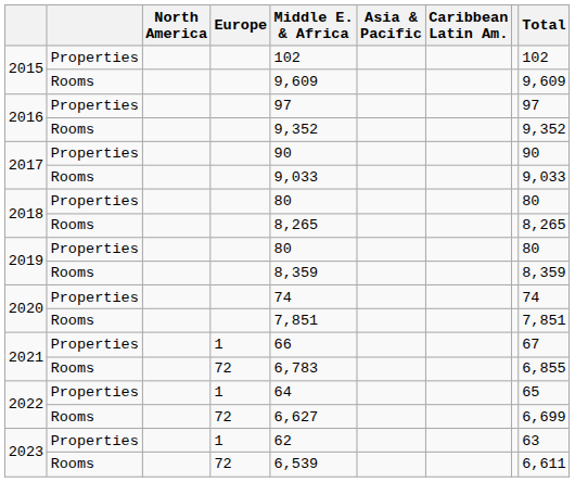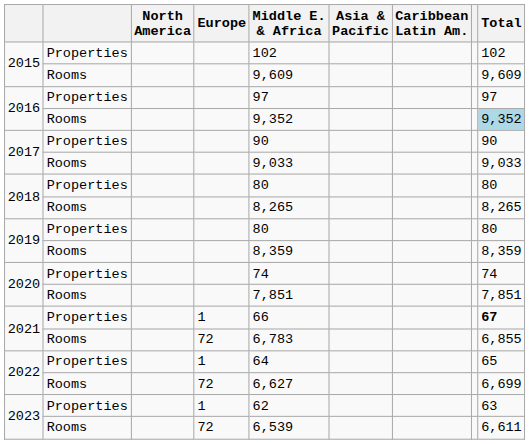 <table class="wikitable">
 <tr>
 <th class="unsortable"></th>
 <th></th>
 <th>North<br>America</th>
 <th>Europe</th>
 <th>Middle E.<br>& Africa</th>
 <th>Asia &<br>Pacific</th>
 <th>Caribbean<br>Latin Am.</th>
 <th></th>
 <th>Total</th>
 </tr>
 <tr>
 <td rowspan=2>2015</td>
 <td>Properties</td>
 <td></td>
 <td></td>
 <td>102</td>
 <td></td>
 <td></td>
 <td></td>
 <td>102</td>
 </tr>
 <tr>
 <td>Rooms</td>
 <td></td>
 <td></td>
 <td>9,609</td>
 <td></td>
 <td></td>
 <td></td>
 <td>9,609</td>
 </tr>
 <tr>
 <td rowspan=2>2016</td>
 <td>Properties</td>
 <td></td>
 <td></td>
 <td>97</td>
 <td></td>
 <td></td>
 <td></td>
 <td>97</td>
 </tr>
 <tr>
 <td>Rooms</td>
 <td></td>
 <td></td>
 <td>9,352</td>
 <td></td>
 <td></td>
 <td></td>
-<td>9,352</td>
+<td style="background: lightblue;">9,352</td>
 </tr>
 <tr>
 <td rowspan=2>2017</td>
 <td>Properties</td>
 <td></td>
 <td></td>
 <td>90</td>
 <td></td>
 <td></td>
 <td></td>
 <td>90</td>
 </tr>
 <tr>
 <td>Rooms</td>
 <td></td>
 <td></td>
 <td>9,033</td>
 <td></td>
 <td></td>
 <td></td>
 <td>9,033</td>
 </tr>
 <tr>
 <td rowspan=2>2018</td>
 <td>Properties</td>
 <td></td>
 <td></td>
 <td>80</td>
 <td></td>
 <td></td>
 <td></td>
 <td>80</td>
 </tr>
 <tr>
 <td>Rooms</td>
 <td></td>
 <td></td>
 <td>8,265</td>
 <td></td>
 <td></td>
 <td></td>
 <td>8,265</td>
 </tr>
 <tr>
 <td rowspan=2>2019</td>
 <td>Properties</td>
 <td></td>
 <td></td>
 <td>80</td>
 <td></td>
 <td></td>
 <td></td>
 <td>80</td>
 </tr>
 <tr>
 <td>Rooms</td>
 <td></td>
 <td></td>
 <td>8,359</td>
 <td></td>
 <td></td>
 <td></td>
 <td>8,359</td>
 </tr>
 <tr>
 <td rowspan=2>2020</td>
 <td>Properties</td>
 <td></td>
 <td></td>
 <td>74</td>
 <td></td>
 <td></td>
 <td></td>
 <td>74</td>
 </tr>
 <tr>
 <td>Rooms</td>
 <td></td>
 <td></td>
 <td>7,851</td>
 <td></td>
 <td></td>
 <td></td>
 <td>7,851</td>
 </tr>
 <tr>
 <td rowspan=2>2021</td>
 <td>Properties</td>
 <td></td>
 <td>1</td>
 <td>66</td>
 <td></td>
 <td></td>
 <td></td>
-<td>67</td>
+<td><strong>67</strong></td>
 </tr>
 <tr>
 <td>Rooms</td>
 <td></td>
 <td>72</td>
 <td>6,783</td>
 <td></td>
 <td></td>
 <td></td>
 <td>6,855</td>
 </tr>
 <tr>
 <td rowspan=2>2022</td>
 <td>Properties</td>
 <td></td>
 <td>1</td>
 <td>64</td>
 <td></td>
 <td></td>
 <td></td>
 <td>65</td>
 </tr>
 <tr>
 <td>Rooms</td>
 <td></td>
 <td>72</td>
 <td>6,627</td>
 <td></td>
 <td></td>
 <td></td>
 <td>6,699</td>
 </tr>
 <tr>
 <td rowspan=2>2023</td>
 <td>Properties</td>
 <td></td>
 <td>1</td>
 <td>62</td>
 <td></td>
 <td></td>
 <td></td>
 <td>63</td>
 </tr>
 <tr>
 <td>Rooms</td>
 <td></td>
 <td>72</td>
 <td>6,539</td>
 <td></td>
 <td></td>
 <td></td>
 <td>6,611</td>
 </tr>
 </table>
